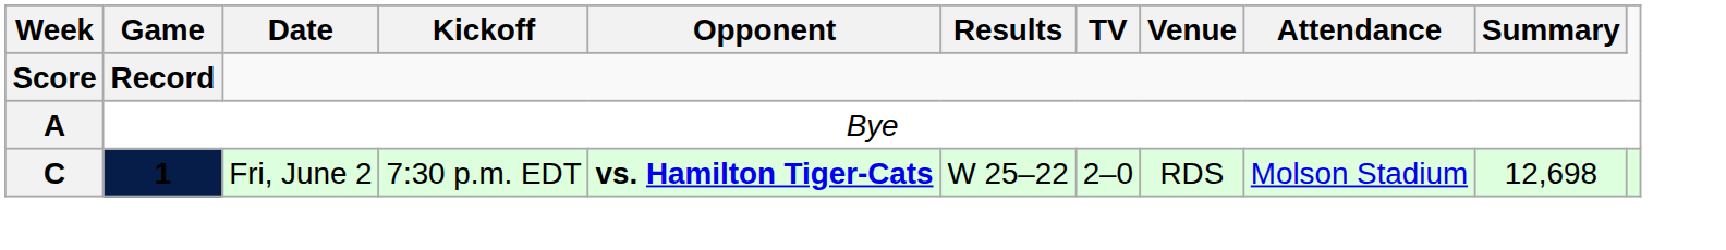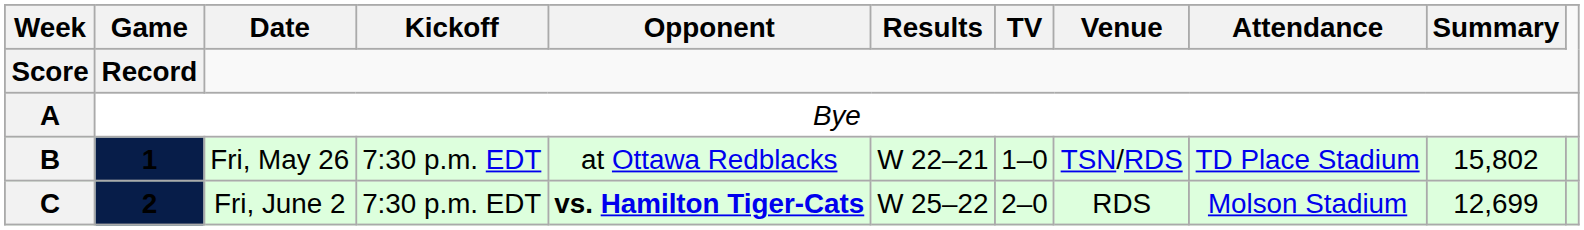 <table class="wikitable" style="font-size: 95%;">
 <tr>
 <th scope="col">Week</th>
 <th scope="col">Game</th>
 <th scope="col">Date</th>
 <th scope="col">Kickoff</th>
 <th scope="col">Opponent</th>
 <th scope="col">Results</th>
 <th scope="col">TV</th>
 <th scope="col">Venue</th>
 <th scope="col">Attendance</th>
 <th scope="col">Summary</th>
 </tr>
 <tr>
 <th scope="col">Score</th>
 <th scope="col">Record</th>
 </tr>
 <tr align="center"= bgcolor="ffffff">
 <th align="center"><strong>A</strong></th>
 <td colspan=10 align="center" valign="middle"><em>Bye</em></td>
 </tr>
 <tr align="center"= bgcolor="ddffdd">
+<th align="center"><strong>B</strong></th>
+<th style="text-align:center; background:#071D49;"><span><strong>1</strong></span></th>
+<td align="center">Fri, May 26</td>
+<td align="center">7:30 p.m. <a href='#'>EDT</a></td>
+<td align="center">at <a href='#'>Ottawa Redblacks</a></td>
+<td align="center">W 22–21</td>
+<td align="center">1–0</td>
+<td align="center"><a href='#'>TSN</a>/<a href='#'>RDS</a></td>
+<td align="center"><a href='#'>TD Place Stadium</a></td>
+<td align="center">15,802</td>
+<td align="center"></td>
+</tr>
+<tr align="center"= bgcolor="ddffdd">
 <th align="center"><strong>C</strong></th>
-<th style="text-align:center; background:#071D49;"><span><strong>1</strong></span></th>
+<th style="text-align:center; background:#071D49;"><span><strong>2</strong></span></th>
 <td align="center">Fri, June 2</td>
 <td align="center">7:30 p.m. EDT</td>
 <td align="center"><strong>vs. <a href='#'>Hamilton Tiger-Cats</a></strong></td>
 <td align="center">W 25–22</td>
 <td align="center">2–0</td>
 <td align="center">RDS</td>
 <td align="center"><a href='#'>Molson Stadium</a></td>
-<td align="center">12,698</td>
+<td align="center">12,699</td>
 <td align="center"></td>
 </tr>
 </table>
